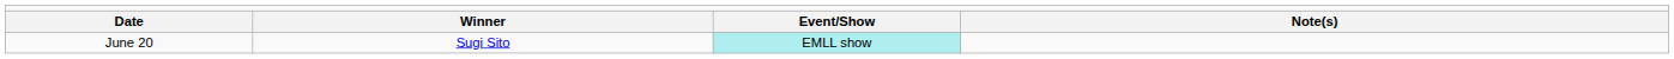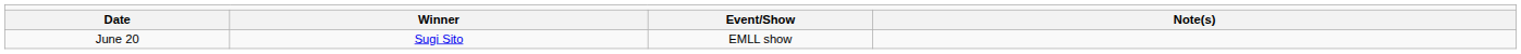 <table class="wikitable" style="text-align:center; width:100%;">
 <tr>
 <td colspan=5><strong></strong></td>
 </tr>
 <tr>
 <th width=14%>Date</th>
 <th width=26%>Winner</th>
 <th width=14%>Event/Show</th>
 <th width=40%>Note(s)</th>
 </tr>
 <tr>
 <td>June 20</td>
 <td><a href='#'>Sugi Sito</a></td>
-<td style="background: paleturquoise;">EMLL show</td>
+<td>EMLL show</td>
 <td align=left></td>
 </tr>
 </table>
